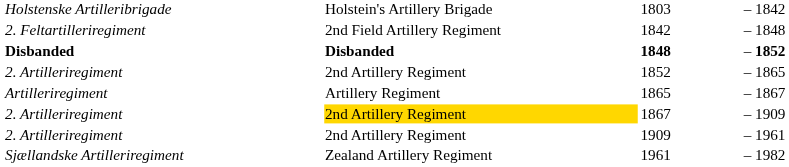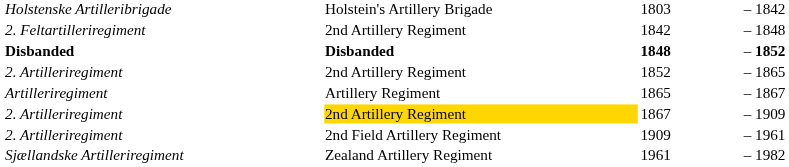 <table class="toccolours" style="float: auto; clear: right; margin: 0 0 0.5em 1em;" width="900px">
 <tr style="vertical-align: top;">
 <td><em>Holstenske Artilleribrigade</em></td>
 <td>Holstein's Artillery Brigade</td>
 <td width="12%">1803</td>
 <td width="1%">–</td>
 <td width="12%">1842</td>
 </tr>
 <tr style="vertical-align: top;">
 <td><em>2. Feltartilleriregiment</em></td>
-<td>2nd Field Artillery Regiment</td>
+<td>2nd Artillery Regiment</td>
 <td width="12%">1842</td>
 <td width="1%">–</td>
 <td width="12%">1848</td>
 </tr>
 <tr style="vertical-align: top;">
 <td><strong>Disbanded</strong></td>
 <td><strong>Disbanded</strong></td>
 <td width="12%"><strong>1848</strong></td>
 <td width="1%">–</td>
 <td width="12%"><strong>1852</strong></td>
 </tr>
 <tr style="vertical-align: top;">
 <td><em>2. Artilleriregiment</em></td>
 <td>2nd Artillery Regiment</td>
 <td width="12%">1852</td>
 <td width="1%">–</td>
 <td width="12%">1865</td>
 </tr>
 <tr style="vertical-align: top;">
 <td><em>Artilleriregiment</em></td>
 <td>Artillery Regiment</td>
 <td width="12%">1865</td>
 <td width="1%">–</td>
 <td width="12%">1867</td>
 </tr>
 <tr style="vertical-align: top;">
 <td><em>2. Artilleriregiment</em></td>
 <td style="background: gold;">2nd Artillery Regiment</td>
 <td width="12%">1867</td>
 <td width="1%">–</td>
 <td width="12%">1909</td>
 </tr>
 <tr style="vertical-align: top;">
 <td><em>2. Artilleriregiment</em></td>
-<td>2nd Artillery Regiment</td>
+<td>2nd Field Artillery Regiment</td>
 <td width="12%">1909</td>
 <td width="1%">–</td>
 <td width="12%">1961</td>
 </tr>
 <tr style="vertical-align: top;">
 <td><em>Sjællandske Artilleriregiment</em></td>
 <td>Zealand Artillery Regiment</td>
 <td width="12%">1961</td>
 <td width="1%">–</td>
 <td width="12%">1982</td>
 </tr>
 </table>
